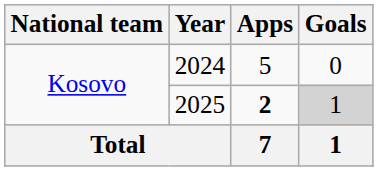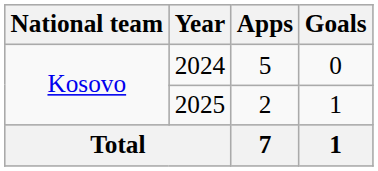 <table class="wikitable" style="text-align:center">
 <tr>
 <th>National team</th>
 <th>Year</th>
 <th>Apps</th>
 <th>Goals</th>
 </tr>
 <tr>
 <td rowspan="2"><a href='#'>Kosovo</a></td>
 <td>2024</td>
 <td>5</td>
 <td>0</td>
 </tr>
 <tr>
 <td>2025</td>
-<td><strong>2</strong></td>
-<td style="background: lightgrey;">1</td>
+<td>2</td>
+<td>1</td>
 </tr>
 <tr>
 <th colspan="2">Total</th>
 <th>7</th>
 <th>1</th>
 </tr>
 </table>
